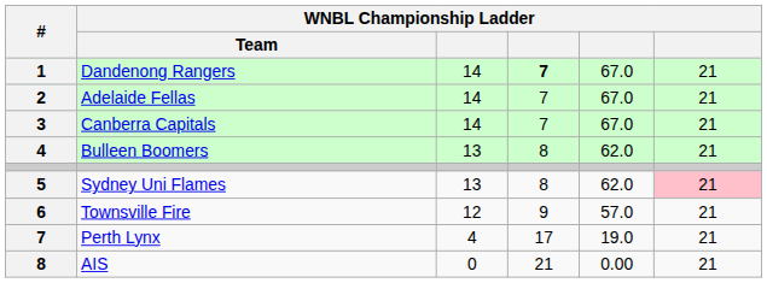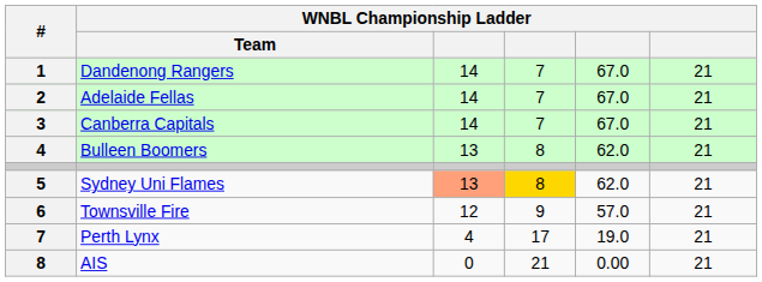 <table class="wikitable" width="43.5%" style="font-size:95%; text-align:center">
 <tr>
 <th width="5%" rowspan=2>#</th>
 <th colspan="6" align="center"><strong>WNBL Championship Ladder</strong></th>
 </tr>
 <tr>
 <th width="25%">Team</th>
 <th width="5%"></th>
 <th width="5%"></th>
 <th width="5%"></th>
 <th width="7.5%"></th>
 </tr>
 <tr style="background-color:#CCFFCC">
 <th>1</th>
 <td style="text-align:left;"><a href='#'>Dandenong Rangers</a></td>
 <td>14</td>
-<td><strong>7</strong></td>
+<td>7</td>
 <td>67.0</td>
 <td>21</td>
 </tr>
 <tr style="background-color:#CCFFCC">
 <th>2</th>
 <td style="text-align:left;"><a href='#'>Adelaide Fellas</a></td>
 <td>14</td>
 <td>7</td>
 <td>67.0</td>
 <td>21</td>
 </tr>
 <tr style="background-color:#CCFFCC">
 <th>3</th>
 <td style="text-align:left;"><a href='#'>Canberra Capitals</a></td>
 <td>14</td>
 <td>7</td>
 <td>67.0</td>
 <td>21</td>
 </tr>
 <tr style="background-color:#CCFFCC">
 <th>4</th>
 <td style="text-align:left;"><a href='#'>Bulleen Boomers</a></td>
 <td>13</td>
 <td>8</td>
 <td>62.0</td>
 <td>21</td>
 </tr>
 <tr style="background-color:#cccccc;">
 <td></td>
 <td></td>
 <td></td>
 <td></td>
 <td></td>
 <td></td>
 </tr>
 <tr>
 <th>5</th>
 <td style="text-align:left;"><a href='#'>Sydney Uni Flames</a></td>
-<td>13</td>
-<td>8</td>
+<td style="background: lightsalmon;">13</td>
+<td style="background: gold;">8</td>
 <td>62.0</td>
-<td style="background: pink;">21</td>
+<td>21</td>
 </tr>
 <tr>
 <th>6</th>
 <td style="text-align:left;"><a href='#'>Townsville Fire</a></td>
 <td>12</td>
 <td>9</td>
 <td>57.0</td>
 <td>21</td>
 </tr>
 <tr>
 <th>7</th>
 <td style="text-align:left;"><a href='#'>Perth Lynx</a></td>
 <td>4</td>
 <td>17</td>
 <td>19.0</td>
 <td>21</td>
 </tr>
 <tr>
 <th>8</th>
 <td style="text-align:left;"><a href='#'>AIS</a></td>
 <td>0</td>
 <td>21</td>
 <td>0.00</td>
 <td>21</td>
 </tr>
 </table>
